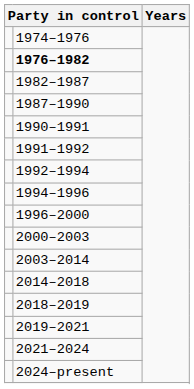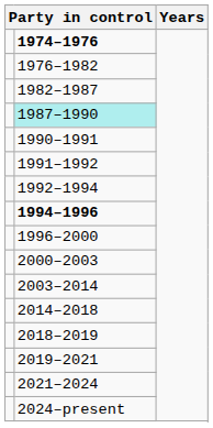 <table class="wikitable">
 <tr>
 <th colspan="2">Party in control</th>
 <th>Years</th>
 </tr>
 <tr>
 <td></td>
-<td>1974–1976</td>
+<td><strong>1974–1976</strong></td>
 </tr>
 <tr>
 <td></td>
-<td><strong>1976–1982</strong></td>
+<td>1976–1982</td>
 </tr>
 <tr>
 <td></td>
 <td>1982–1987</td>
 </tr>
 <tr>
 <td></td>
-<td>1987–1990</td>
+<td style="background: paleturquoise;">1987–1990</td>
 </tr>
 <tr>
 <td></td>
 <td>1990–1991</td>
 </tr>
 <tr>
 <td></td>
 <td>1991–1992</td>
 </tr>
 <tr>
 <td></td>
 <td>1992–1994</td>
 </tr>
 <tr>
 <td></td>
-<td>1994–1996</td>
+<td><strong>1994–1996</strong></td>
 </tr>
 <tr>
 <td></td>
 <td>1996–2000</td>
 </tr>
 <tr>
 <td></td>
 <td>2000–2003</td>
 </tr>
 <tr>
 <td></td>
 <td>2003–2014</td>
 </tr>
 <tr>
 <td></td>
 <td>2014–2018</td>
 </tr>
 <tr>
 <td></td>
 <td>2018–2019</td>
 </tr>
 <tr>
 <td></td>
 <td>2019–2021</td>
 </tr>
 <tr>
 <td></td>
 <td>2021–2024</td>
 </tr>
 <tr>
 <td></td>
 <td>2024–present</td>
 </tr>
 <tr>
 </tr>
 </table>
